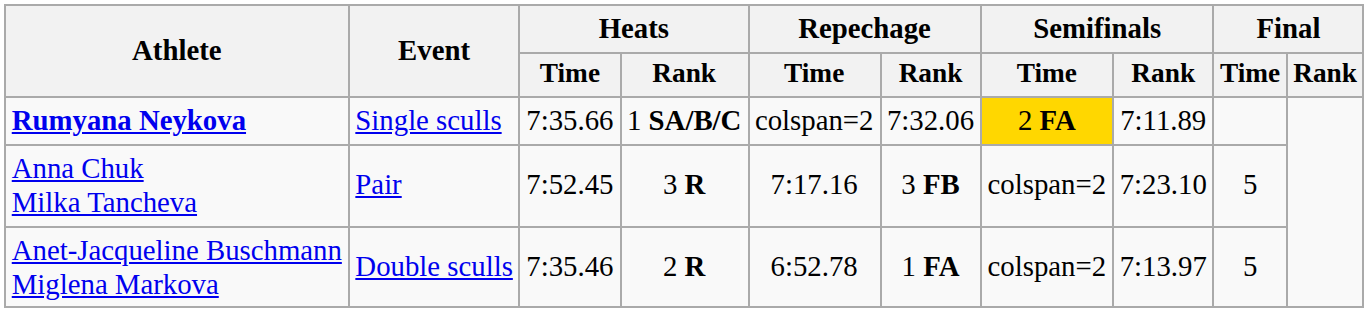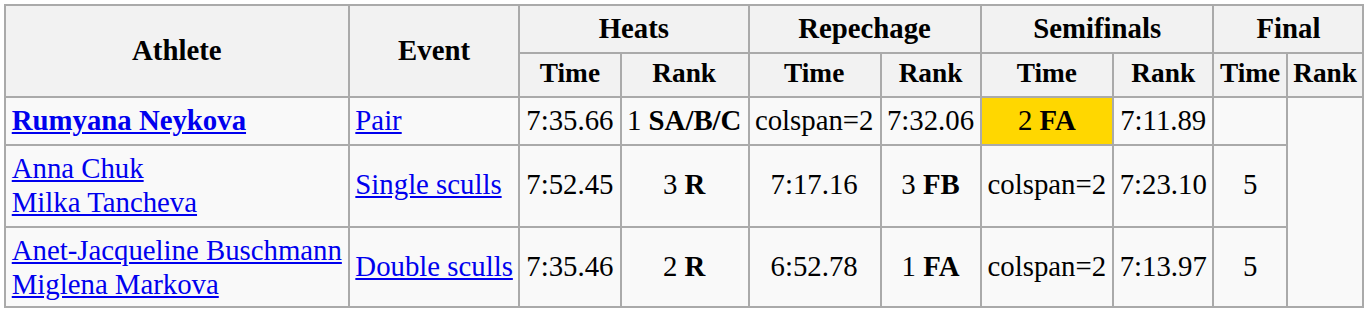 <table class="wikitable" style="font-size:90%;">
 <tr>
 <th rowspan="2">Athlete</th>
 <th rowspan="2">Event</th>
 <th colspan="2">Heats</th>
 <th colspan="2">Repechage</th>
 <th colspan="2">Semifinals</th>
 <th colspan="2">Final</th>
 </tr>
 <tr style="font-size:95%">
 <th>Time</th>
 <th>Rank</th>
 <th>Time</th>
 <th>Rank</th>
 <th>Time</th>
 <th>Rank</th>
 <th>Time</th>
 <th>Rank</th>
 </tr>
 <tr align=center>
 <td align=left><strong><a href='#'>Rumyana Neykova</a></strong></td>
-<td align=left><a href='#'>Single sculls</a></td>
+<td align=left><a href='#'>Pair</a></td>
 <td>7:35.66</td>
 <td>1 <strong>SA/B/C</strong></td>
 <td>colspan=2 </td>
 <td>7:32.06</td>
 <td style="background: gold;">2 <strong>FA</strong></td>
 <td>7:11.89</td>
 <td></td>
 </tr>
 <tr align=center>
 <td align=left><a href='#'>Anna Chuk</a><br><a href='#'>Milka Tancheva</a></td>
-<td align=left><a href='#'>Pair</a></td>
+<td align=left><a href='#'>Single sculls</a></td>
 <td>7:52.45</td>
 <td>3 <strong>R</strong></td>
 <td>7:17.16</td>
 <td>3 <strong>FB</strong></td>
 <td>colspan=2 </td>
 <td>7:23.10</td>
 <td>5</td>
 </tr>
 <tr align=center>
 <td align=left><a href='#'>Anet-Jacqueline Buschmann</a><br><a href='#'>Miglena Markova</a></td>
 <td align=left><a href='#'>Double sculls</a></td>
 <td>7:35.46</td>
 <td>2 <strong>R</strong></td>
 <td>6:52.78</td>
 <td>1 <strong>FA</strong></td>
 <td>colspan=2 </td>
 <td>7:13.97</td>
 <td>5</td>
 </tr>
 </table>
